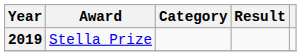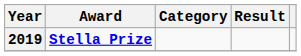 <table class="wikitable sortable">
 <tr>
 <th>Year</th>
 <th>Award</th>
 <th>Category</th>
 <th>Result</th>
 <th></th>
 </tr>
 <tr>
 <th rowspan="1">2019</th>
-<td><a href='#'>Stella Prize</a></td>
+<td><strong><a href='#'>Stella Prize</a></strong></td>
 <td></td>
 <td></td>
 <td></td>
 </tr>
 <tr>
 </tr>
 </table>
